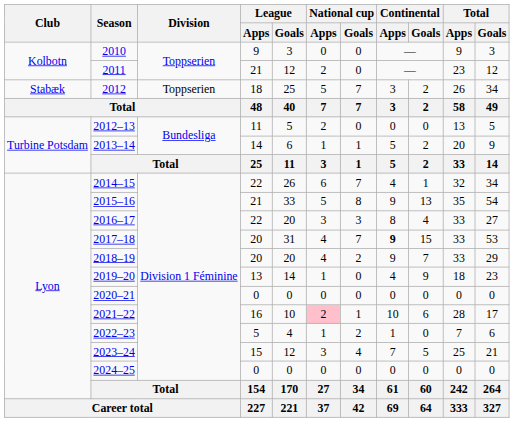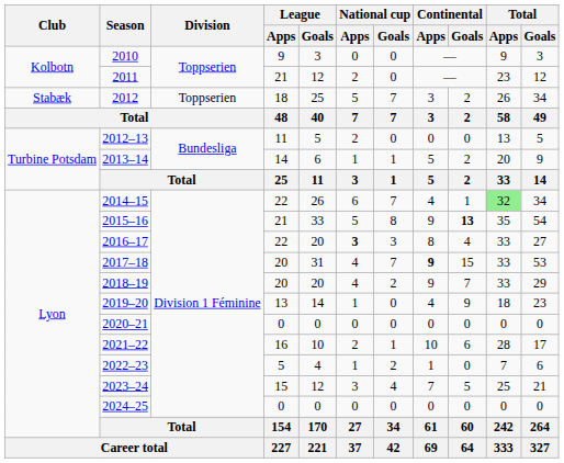 <table class="wikitable" style="text-align:center">
 <tr>
 <th rowspan="2">Club</th>
 <th rowspan="2">Season</th>
 <th rowspan="2">Division</th>
 <th colspan="2">League</th>
 <th colspan="2">National cup</th>
 <th colspan="2">Continental</th>
 <th colspan="3">Total</th>
 </tr>
 <tr>
 <th>Apps</th>
 <th>Goals</th>
 <th>Apps</th>
 <th>Goals</th>
 <th>Apps</th>
 <th>Goals</th>
 <th>Apps</th>
 <th>Goals</th>
 </tr>
 <tr>
 <td rowspan="2"><a href='#'>Kolbotn</a></td>
 <td><a href='#'>2010</a></td>
 <td rowspan="2"><a href='#'>Toppserien</a></td>
 <td>9</td>
 <td>3</td>
 <td>0</td>
 <td>0</td>
 <td colspan="2">—</td>
 <td>9</td>
 <td>3</td>
 </tr>
 <tr>
 <td><a href='#'>2011</a></td>
 <td>21</td>
 <td>12</td>
 <td>2</td>
 <td>0</td>
 <td colspan="2">—</td>
 <td>23</td>
 <td>12</td>
 </tr>
 <tr>
 <td><a href='#'>Stabæk</a></td>
 <td><a href='#'>2012</a></td>
 <td>Toppserien</td>
 <td>18</td>
 <td>25</td>
 <td>5</td>
 <td>7</td>
 <td>3</td>
 <td>2</td>
 <td>26</td>
 <td>34</td>
 </tr>
 <tr>
 <th colspan="3">Total</th>
 <th>48</th>
 <th>40</th>
 <th>7</th>
 <th>7</th>
 <th>3</th>
 <th>2</th>
 <th>58</th>
 <th>49</th>
 </tr>
 <tr>
 <td rowspan="3"><a href='#'>Turbine Potsdam</a></td>
 <td><a href='#'>2012–13</a></td>
 <td rowspan="2"><a href='#'>Bundesliga</a></td>
 <td>11</td>
 <td>5</td>
 <td>2</td>
 <td>0</td>
 <td>0</td>
 <td>0</td>
 <td>13</td>
 <td>5</td>
 </tr>
 <tr>
 <td><a href='#'>2013–14</a></td>
 <td>14</td>
 <td>6</td>
 <td>1</td>
 <td>1</td>
 <td>5</td>
 <td>2</td>
 <td>20</td>
 <td>9</td>
 </tr>
 <tr>
 <th colspan="2">Total</th>
 <th>25</th>
 <th>11</th>
 <th>3</th>
 <th>1</th>
 <th>5</th>
 <th>2</th>
 <th>33</th>
 <th>14</th>
 </tr>
 <tr>
 <td rowspan="12"><a href='#'>Lyon</a></td>
 <td><a href='#'>2014–15</a></td>
 <td rowspan="11"><a href='#'>Division 1 Féminine</a></td>
 <td>22</td>
 <td>26</td>
 <td>6</td>
 <td>7</td>
 <td>4</td>
 <td>1</td>
-<td>32</td>
+<td style="background: lightgreen;">32</td>
 <td>34</td>
 </tr>
 <tr>
 <td><a href='#'>2015–16</a></td>
 <td>21</td>
 <td>33</td>
 <td>5</td>
 <td>8</td>
 <td>9</td>
-<td>13</td>
+<td><strong>13</strong></td>
 <td>35</td>
 <td>54</td>
 </tr>
 <tr>
 <td><a href='#'>2016–17</a></td>
 <td>22</td>
 <td>20</td>
-<td>3</td>
+<td><strong>3</strong></td>
 <td>3</td>
 <td>8</td>
 <td>4</td>
 <td>33</td>
 <td>27</td>
 </tr>
 <tr>
 <td><a href='#'>2017–18</a></td>
 <td>20</td>
 <td>31</td>
 <td>4</td>
 <td>7</td>
 <td><strong>9</strong></td>
 <td>15</td>
 <td>33</td>
 <td>53</td>
 </tr>
 <tr>
 <td><a href='#'>2018–19</a></td>
 <td>20</td>
 <td>20</td>
 <td>4</td>
 <td>2</td>
 <td>9</td>
 <td>7</td>
 <td>33</td>
 <td>29</td>
 </tr>
 <tr>
 <td><a href='#'>2019–20</a></td>
 <td>13</td>
 <td>14</td>
 <td>1</td>
 <td>0</td>
 <td>4</td>
 <td>9</td>
 <td>18</td>
 <td>23</td>
 </tr>
 <tr>
 <td><a href='#'>2020–21</a></td>
 <td>0</td>
 <td>0</td>
 <td>0</td>
 <td>0</td>
 <td>0</td>
 <td>0</td>
 <td>0</td>
 <td>0</td>
 </tr>
 <tr>
 <td><a href='#'>2021–22</a></td>
 <td>16</td>
 <td>10</td>
-<td style="background: pink;">2</td>
+<td>2</td>
 <td>1</td>
 <td>10</td>
 <td>6</td>
 <td>28</td>
 <td>17</td>
 </tr>
 <tr>
 <td><a href='#'>2022–23</a></td>
 <td>5</td>
 <td>4</td>
 <td>1</td>
 <td>2</td>
 <td>1</td>
 <td>0</td>
 <td>7</td>
 <td>6</td>
 </tr>
 <tr>
 <td><a href='#'>2023–24</a></td>
 <td>15</td>
 <td>12</td>
 <td>3</td>
 <td>4</td>
 <td>7</td>
 <td>5</td>
 <td>25</td>
 <td>21</td>
 </tr>
 <tr>
 <td><a href='#'>2024–25</a></td>
 <td>0</td>
 <td>0</td>
 <td>0</td>
 <td>0</td>
 <td>0</td>
 <td>0</td>
 <td>0</td>
 <td>0</td>
 </tr>
 <tr>
 <th colspan="2">Total</th>
 <th>154</th>
 <th>170</th>
 <th>27</th>
 <th>34</th>
 <th>61</th>
 <th>60</th>
 <th>242</th>
 <th>264</th>
 </tr>
 <tr>
 <th colspan="3">Career total</th>
 <th>227</th>
 <th>221</th>
 <th>37</th>
 <th>42</th>
 <th>69</th>
 <th>64</th>
 <th>333</th>
 <th>327</th>
 </tr>
 </table>
